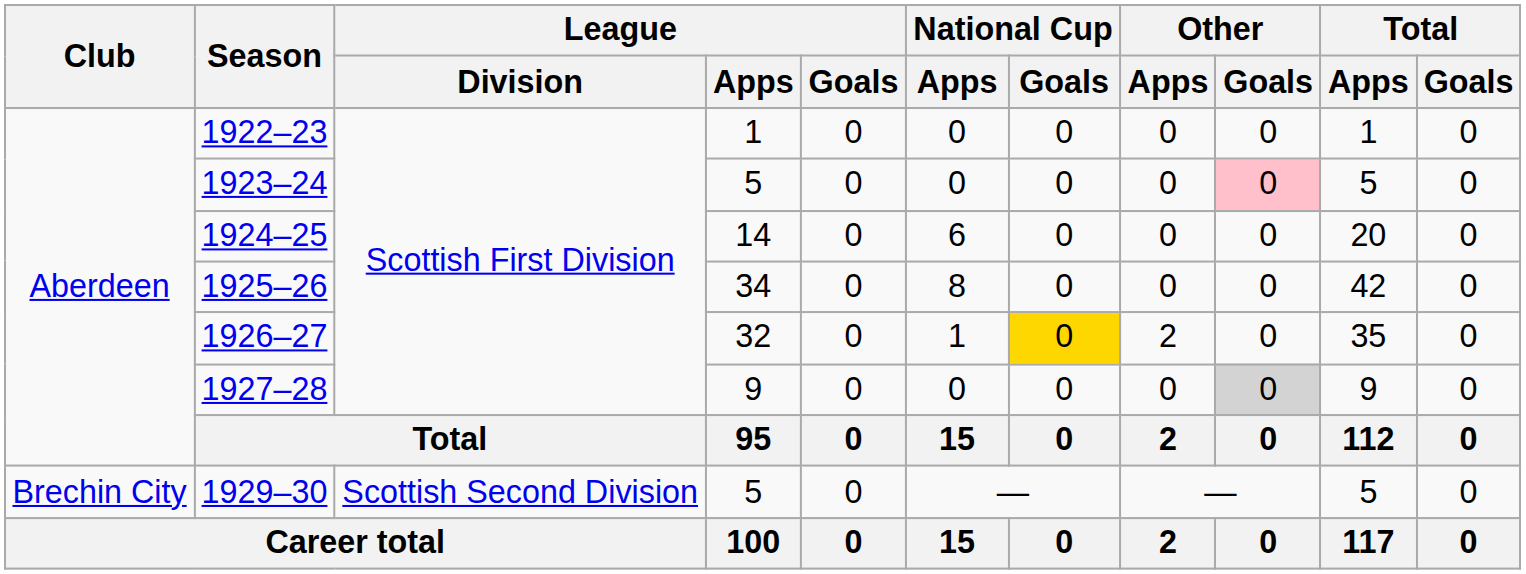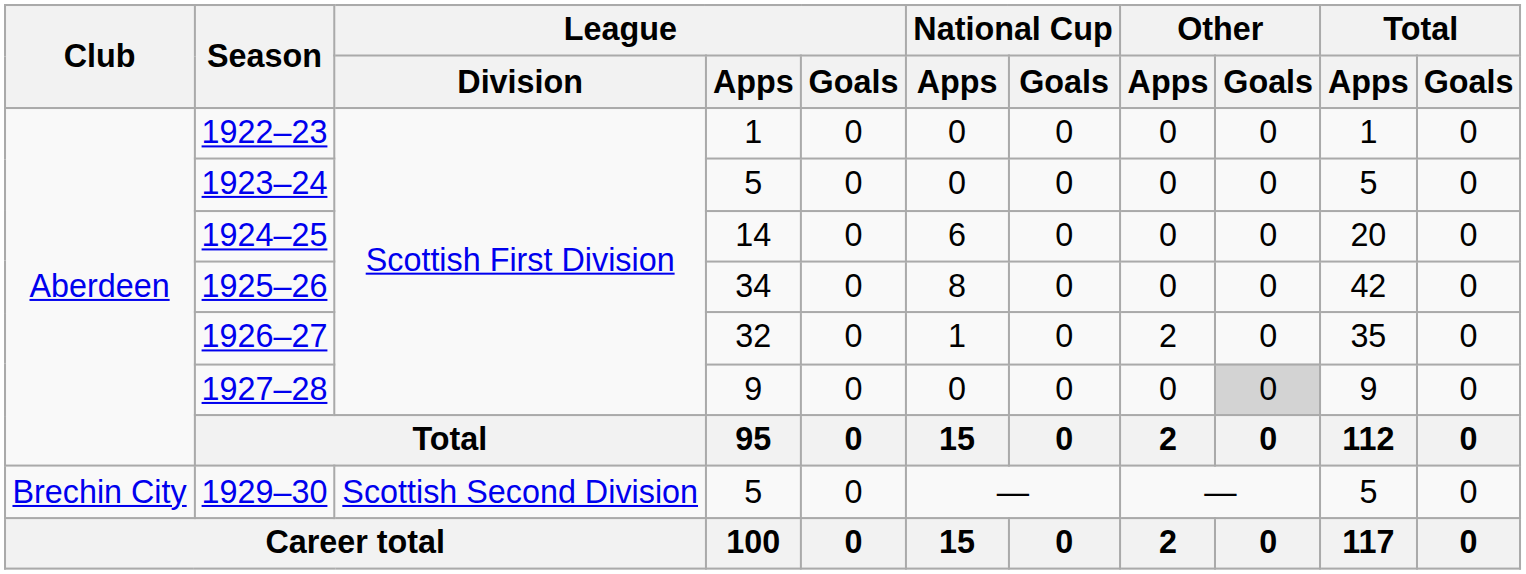 <table class="wikitable" style="text-align: center">
 <tr>
 <th rowspan="2">Club</th>
 <th rowspan="2">Season</th>
 <th colspan="3">League</th>
 <th colspan="2">National Cup</th>
 <th colspan="2">Other</th>
 <th colspan="2">Total</th>
 </tr>
 <tr>
 <th>Division</th>
 <th>Apps</th>
 <th>Goals</th>
 <th>Apps</th>
 <th>Goals</th>
 <th>Apps</th>
 <th>Goals</th>
 <th>Apps</th>
 <th>Goals</th>
 </tr>
 <tr>
 <td rowspan="7"><a href='#'>Aberdeen</a></td>
 <td><a href='#'>1922–23</a></td>
 <td rowspan="6"><a href='#'>Scottish First Division</a></td>
 <td>1</td>
 <td>0</td>
 <td>0</td>
 <td>0</td>
 <td>0</td>
 <td>0</td>
 <td>1</td>
 <td>0</td>
 </tr>
 <tr>
 <td><a href='#'>1923–24</a></td>
 <td>5</td>
 <td>0</td>
 <td>0</td>
 <td>0</td>
 <td>0</td>
-<td style="background: pink;">0</td>
+<td>0</td>
 <td>5</td>
 <td>0</td>
 </tr>
 <tr>
 <td><a href='#'>1924–25</a></td>
 <td>14</td>
 <td>0</td>
 <td>6</td>
 <td>0</td>
 <td>0</td>
 <td>0</td>
 <td>20</td>
 <td>0</td>
 </tr>
 <tr>
 <td><a href='#'>1925–26</a></td>
 <td>34</td>
 <td>0</td>
 <td>8</td>
 <td>0</td>
 <td>0</td>
 <td>0</td>
 <td>42</td>
 <td>0</td>
 </tr>
 <tr>
 <td><a href='#'>1926–27</a></td>
 <td>32</td>
 <td>0</td>
 <td>1</td>
-<td style="background: gold;">0</td>
+<td>0</td>
 <td>2</td>
 <td>0</td>
 <td>35</td>
 <td>0</td>
 </tr>
 <tr>
 <td><a href='#'>1927–28</a></td>
 <td>9</td>
 <td>0</td>
 <td>0</td>
 <td>0</td>
 <td>0</td>
 <td style="background: lightgrey;">0</td>
 <td>9</td>
 <td>0</td>
 </tr>
 <tr>
 <th colspan="2">Total</th>
 <th>95</th>
 <th>0</th>
 <th>15</th>
 <th>0</th>
 <th>2</th>
 <th>0</th>
 <th>112</th>
 <th>0</th>
 </tr>
 <tr>
 <td><a href='#'>Brechin City</a></td>
 <td><a href='#'>1929–30</a></td>
 <td><a href='#'>Scottish Second Division</a></td>
 <td>5</td>
 <td>0</td>
 <td colspan="2">―</td>
 <td colspan="2">―</td>
 <td>5</td>
 <td>0</td>
 </tr>
 <tr>
 <th colspan="3">Career total</th>
 <th>100</th>
 <th>0</th>
 <th>15</th>
 <th>0</th>
 <th>2</th>
 <th>0</th>
 <th>117</th>
 <th>0</th>
 </tr>
 </table>
